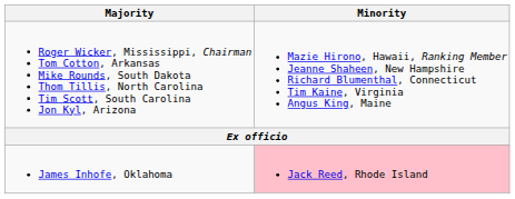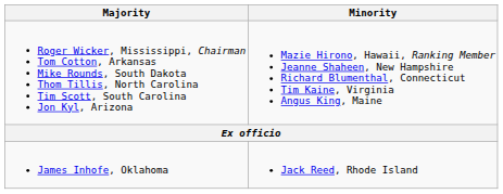 <table class=wikitable>
 <tr>
 <th>Majority</th>
 <th>Minority</th>
 </tr>
 <tr>
 <td><br><ul><li><a href='#'>Roger Wicker</a>, Mississippi, <em>Chairman</em></li><li><a href='#'>Tom Cotton</a>, Arkansas</li><li><a href='#'>Mike Rounds</a>, South Dakota</li><li><a href='#'>Thom Tillis</a>, North Carolina</li><li><a href='#'>Tim Scott</a>, South Carolina</li><li><a href='#'>Jon Kyl</a>, Arizona</li></ul></td>
 <td><br><ul><li><a href='#'>Mazie Hirono</a>, Hawaii, <em>Ranking Member</em></li><li><a href='#'>Jeanne Shaheen</a>, New Hampshire</li><li><a href='#'>Richard Blumenthal</a>, Connecticut</li><li><a href='#'>Tim Kaine</a>, Virginia</li><li><span><a href='#'>Angus King</a>, Maine</span></li></ul></td>
 </tr>
 <tr>
 <th colspan=2><em>Ex officio</em></th>
 </tr>
 <tr>
 <td><br><ul><li><a href='#'>James Inhofe</a>, Oklahoma</li></ul></td>
-<td style="background: pink;"><br><ul><li><a href='#'>Jack Reed</a>, Rhode Island</li></ul></td>
+<td><br><ul><li><a href='#'>Jack Reed</a>, Rhode Island</li></ul></td>
 </tr>
 </table>
